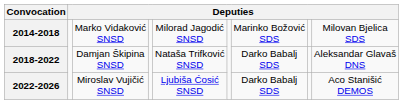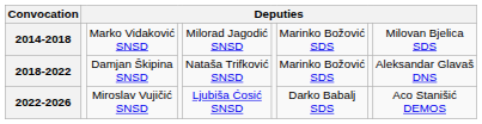 <table class="wikitable" style="text-align:center">
 <tr>
 <th>Convocation</th>
 <th colspan=12>Deputies</th>
 </tr>
 <tr>
 <th>2014-2018</th>
 <td rowspan=3; style="background-color: "></td>
 <td>Marko Vidaković<br><a href='#'>SNSD</a></td>
 <td rowspan=3; style="background-color: "></td>
 <td>Milorad Jagodić<br><a href='#'>SNSD</a></td>
 <td rowspan=3; style="background-color: "></td>
 <td>Marinko Božović<br><a href='#'>SDS</a></td>
 <td rowspan=1; style="background-color: "></td>
 <td>Milovan Bjelica<br><a href='#'>SDS</a></td>
 </tr>
 <tr>
 <th>2018-2022</th>
 <td>Damjan Škipina<br><a href='#'>SNSD</a></td>
 <td>Nataša Trifković<br><a href='#'>SNSD</a></td>
-<td>Darko Babalj<br><a href='#'>SDS</a></td>
+<td>Marinko Božović<br><a href='#'>SDS</a></td>
 <td rowspan=1; style="background-color: "></td>
 <td>Aleksandar Glavaš<br><a href='#'>DNS</a></td>
 </tr>
 <tr>
 <th>2022-2026</th>
 <td>Miroslav Vujičić<br><a href='#'>SNSD</a></td>
 <td><a href='#'>Ljubiša Ćosić</a><br><a href='#'>SNSD</a></td>
 <td>Darko Babalj<br><a href='#'>SDS</a></td>
 <td rowspan=1; style="background-color: "></td>
 <td>Aco Stanišić<br><a href='#'>DEMOS</a></td>
 </tr>
 </table>
